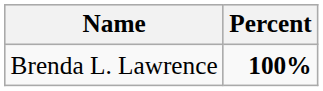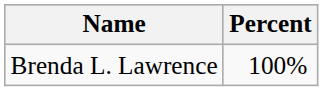 <table class="wikitable">
 <tr>
 <th>Name</th>
 <th>Percent</th>
 </tr>
 <tr>
 <td>Brenda L. Lawrence</td>
-<td><strong>   100%</strong></td>
+<td>   100%</td>
 </tr>
 </table>
